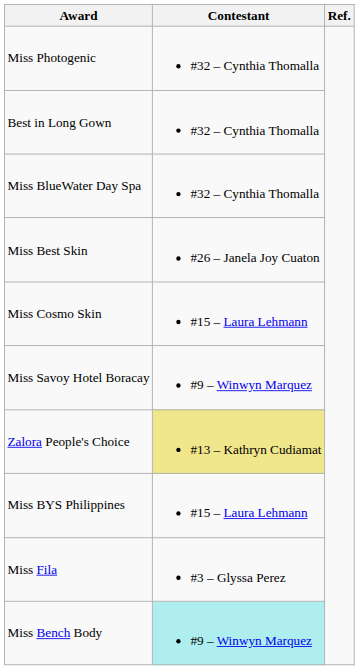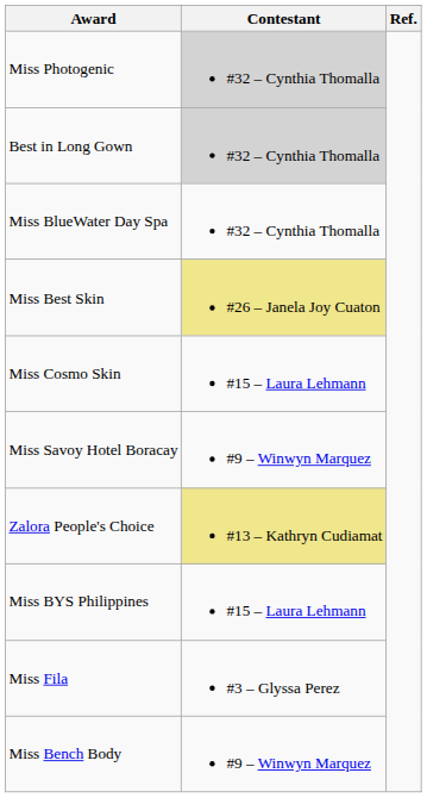 <table class="wikitable sortable" style="font-size:95%;">
 <tr>
 <th>Award</th>
 <th>Contestant</th>
 <th>Ref.</th>
 </tr>
 <tr>
 <td>Miss Photogenic</td>
-<td><br><ul><li>#32 – Cynthia Thomalla</li></ul></td>
+<td style="background: lightgrey;"><br><ul><li>#32 – Cynthia Thomalla</li></ul></td>
 <td rowspan="10"></td>
 </tr>
 <tr>
 <td>Best in Long Gown</td>
-<td><br><ul><li>#32 – Cynthia Thomalla</li></ul></td>
+<td style="background: lightgrey;"><br><ul><li>#32 – Cynthia Thomalla</li></ul></td>
 </tr>
 <tr>
 <td>Miss BlueWater Day Spa</td>
 <td><br><ul><li>#32 – Cynthia Thomalla</li></ul></td>
 </tr>
 <tr>
 <td>Miss Best Skin</td>
-<td><br><ul><li>#26 – Janela Joy Cuaton</li></ul></td>
+<td style="background: khaki;"><br><ul><li>#26 – Janela Joy Cuaton</li></ul></td>
 </tr>
 <tr>
 <td>Miss Cosmo Skin</td>
 <td><br><ul><li>#15 – <a href='#'>Laura Lehmann</a></li></ul></td>
 </tr>
 <tr>
 <td>Miss Savoy Hotel Boracay</td>
 <td><br><ul><li>#9 – <a href='#'>Winwyn Marquez</a></li></ul></td>
 </tr>
 <tr>
 <td><a href='#'>Zalora</a> People's Choice</td>
 <td style="background: khaki;"><br><ul><li>#13 – Kathryn Cudiamat</li></ul></td>
 </tr>
 <tr>
 <td>Miss BYS Philippines</td>
 <td><br><ul><li>#15 – <a href='#'>Laura Lehmann</a></li></ul></td>
 </tr>
 <tr>
 <td>Miss <a href='#'>Fila</a></td>
 <td><br><ul><li>#3 – Glyssa Perez</li></ul></td>
 </tr>
 <tr>
 <td>Miss <a href='#'>Bench</a> Body</td>
-<td style="background: paleturquoise;"><br><ul><li>#9 – <a href='#'>Winwyn Marquez</a></li></ul></td>
+<td><br><ul><li>#9 – <a href='#'>Winwyn Marquez</a></li></ul></td>
 </tr>
 </table>
